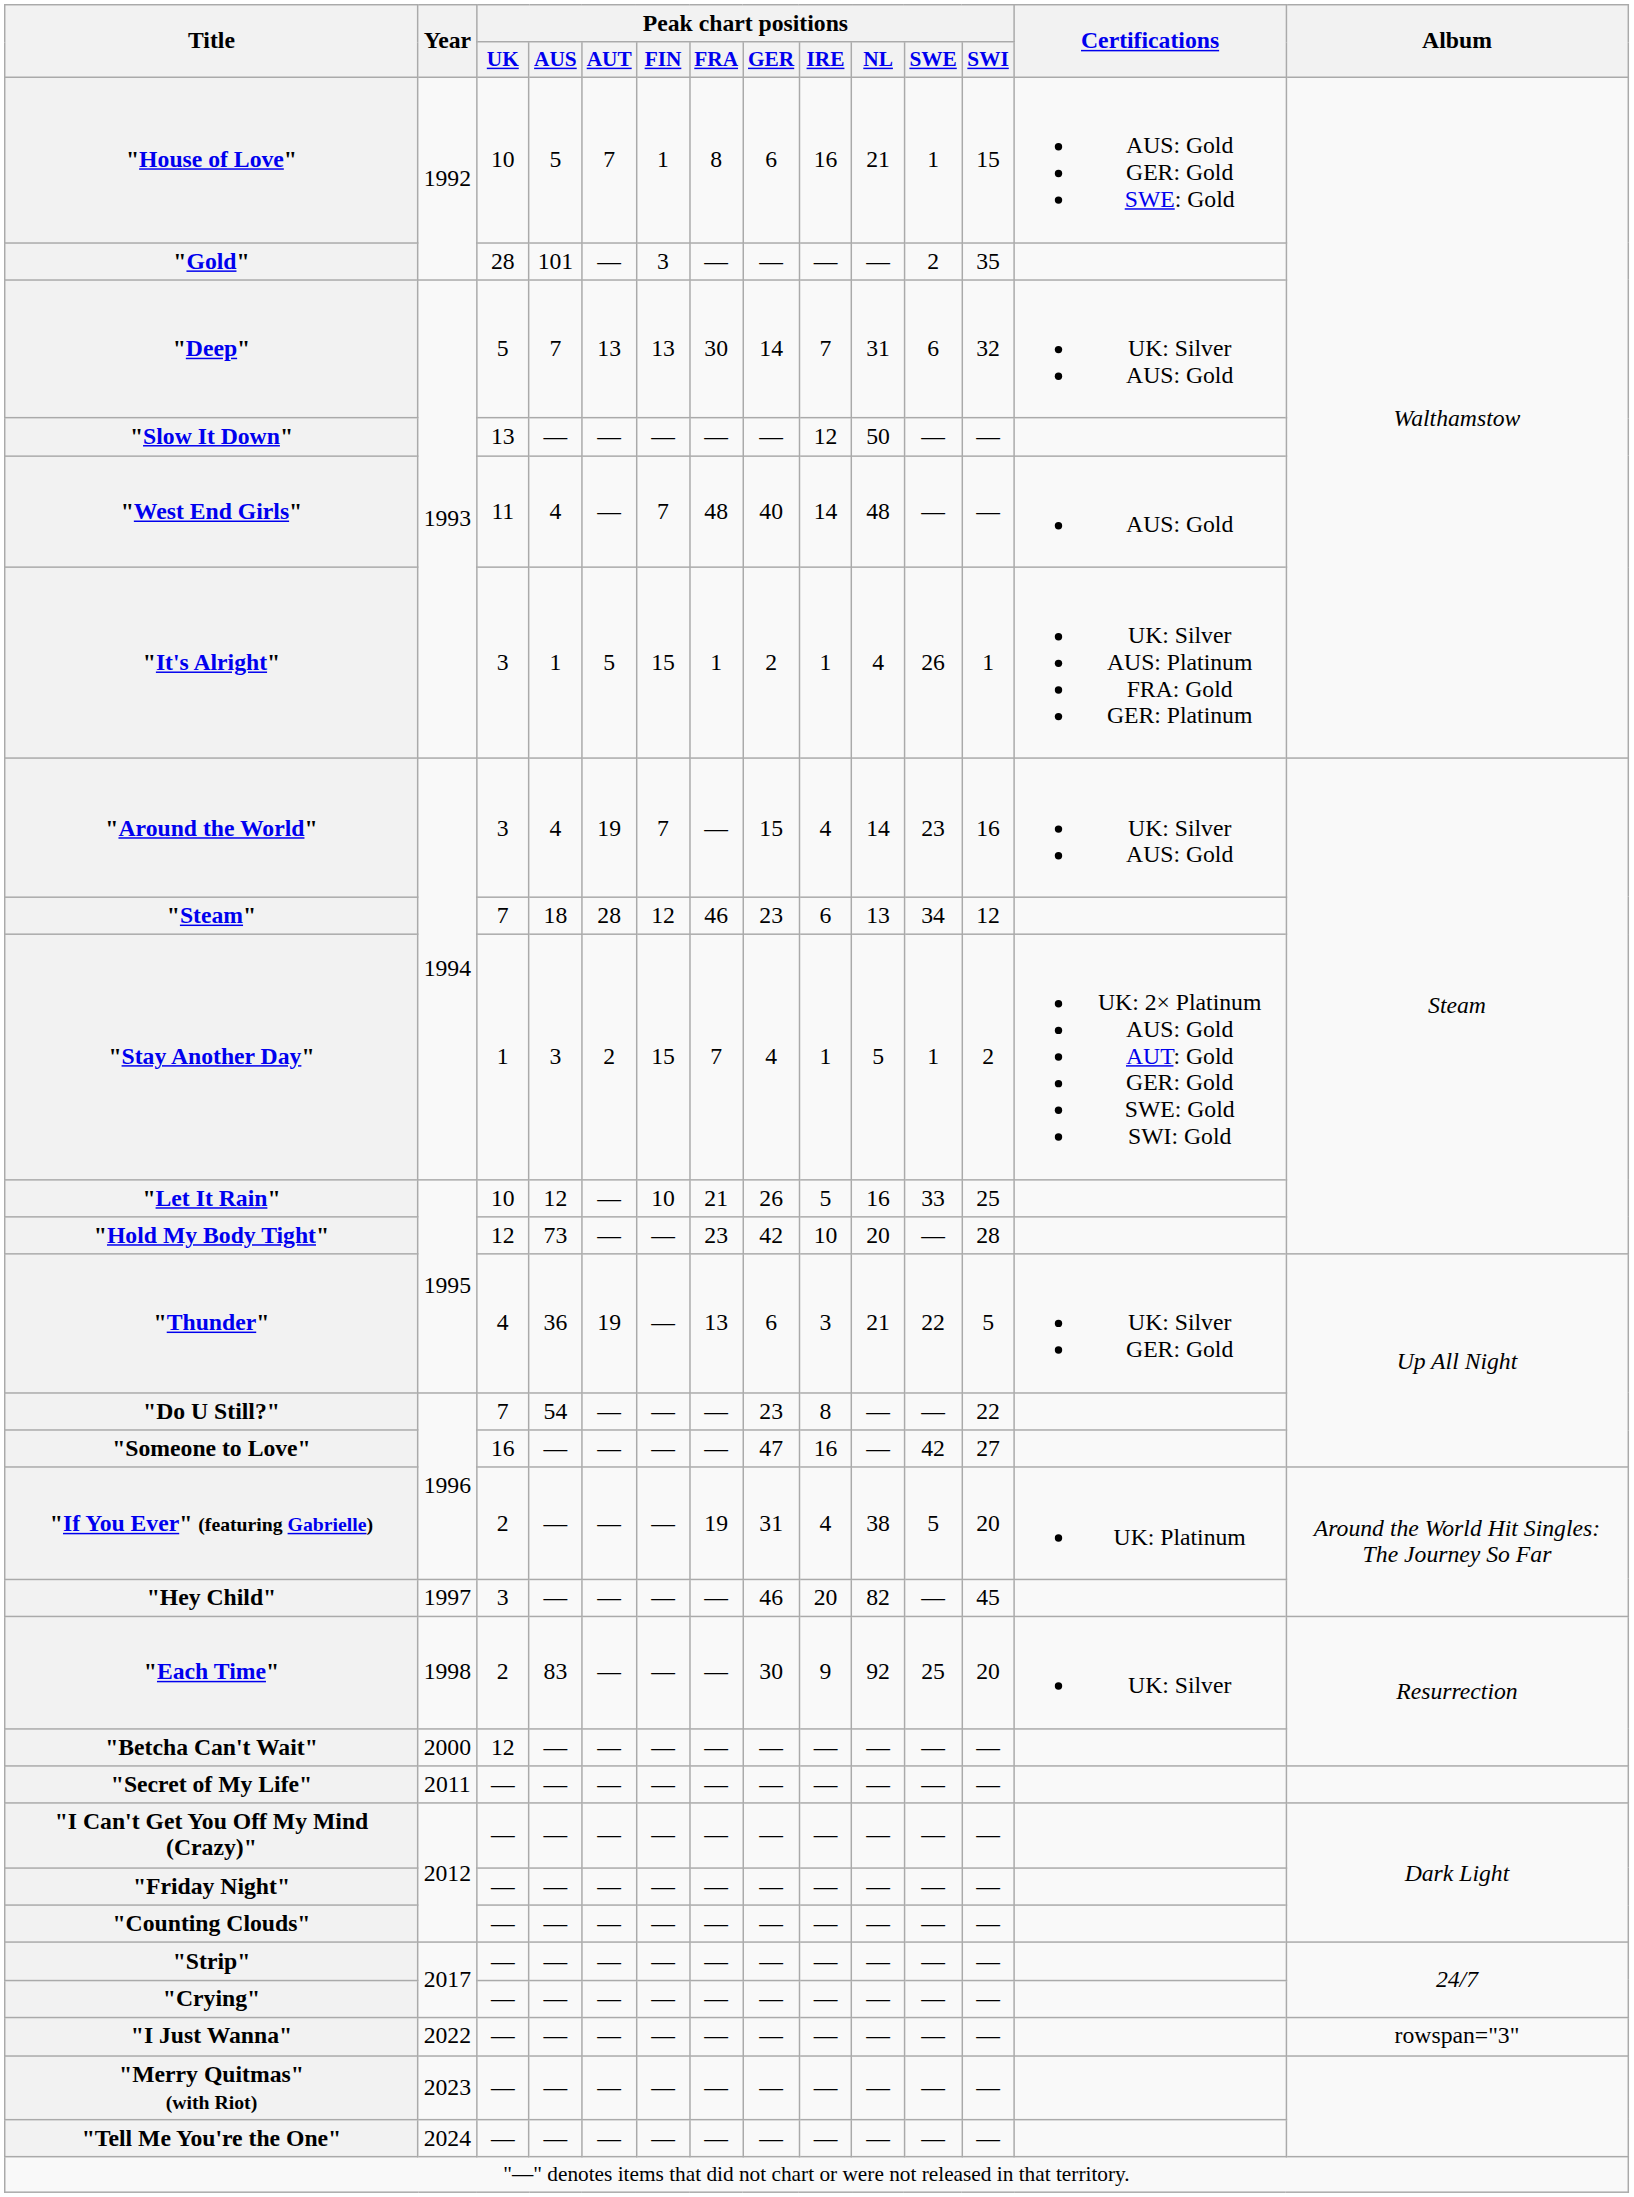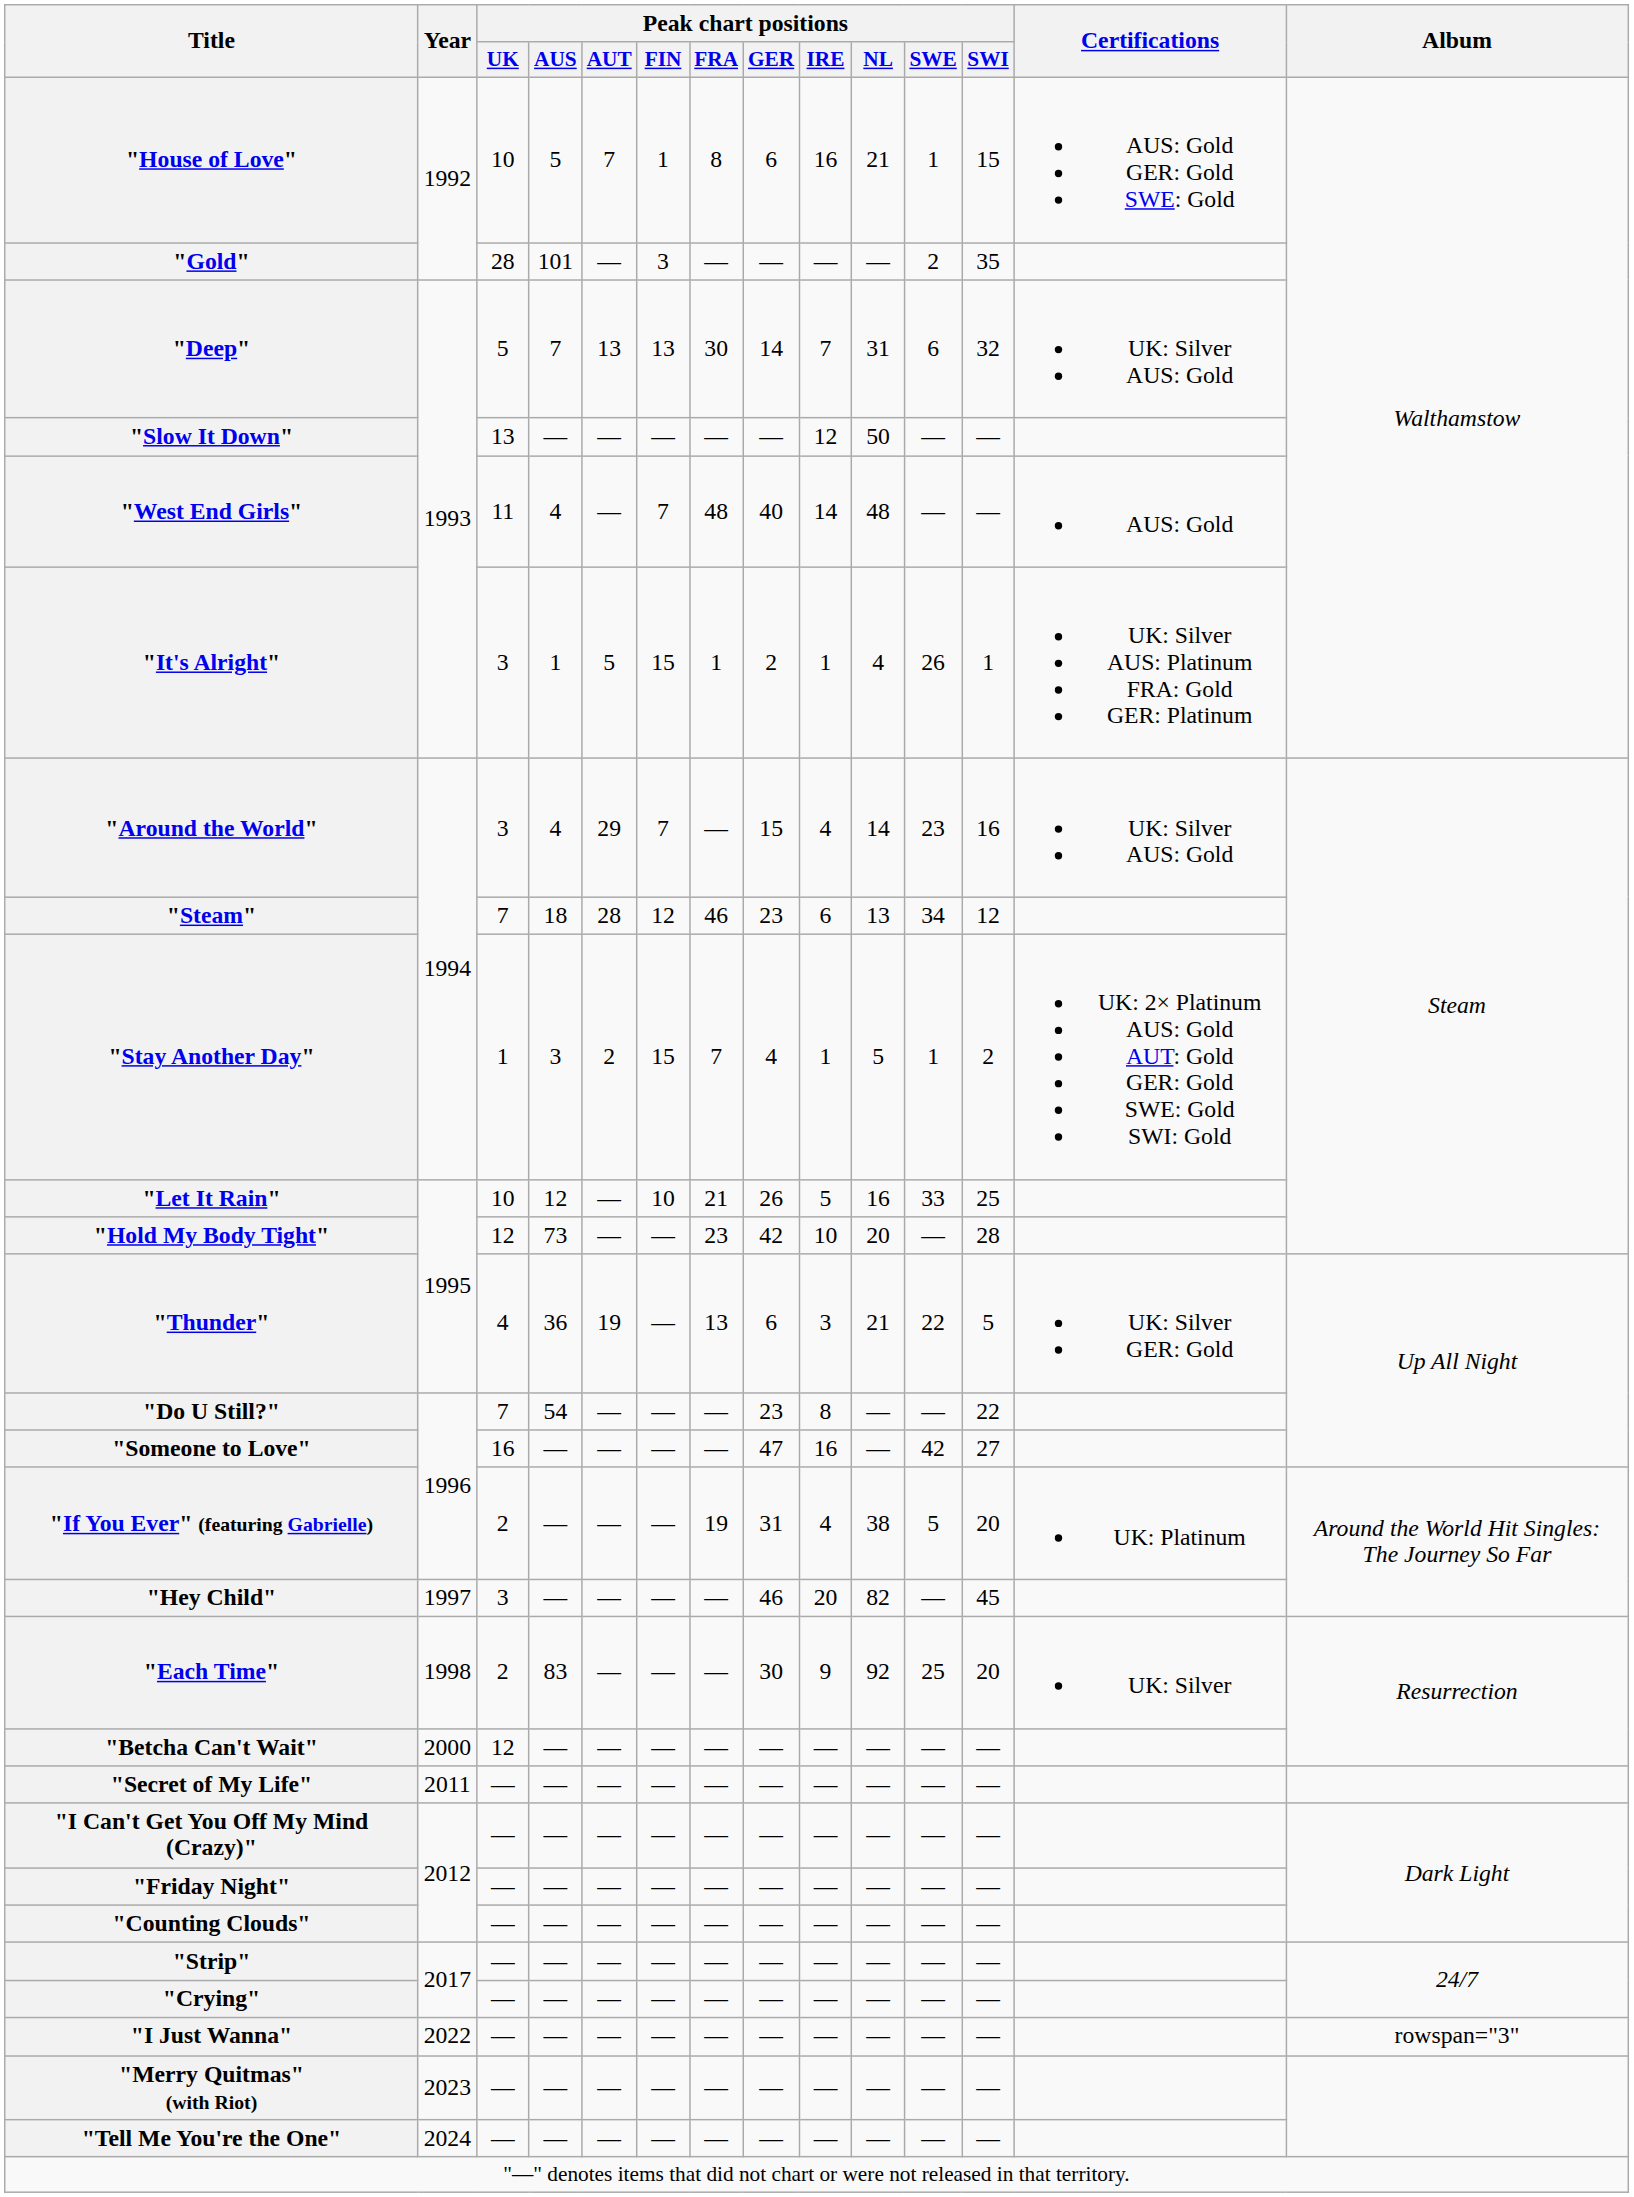 <table class="wikitable plainrowheaders" style="text-align:center;">
 <tr>
 <th scope="col" rowspan="2" style="width:17em;">Title</th>
 <th scope="col" rowspan="2" style="width:2em;">Year</th>
 <th scope="col" colspan="10">Peak chart positions</th>
 <th scope="col" rowspan="2" style="width:11em;"><a href='#'>Certifications</a></th>
 <th scope="col" rowspan="2" style="width:14em;">Album</th>
 </tr>
 <tr>
 <th scope="col" style="width:2em;font-size:90%;"><a href='#'>UK</a><br></th>
 <th scope="col" style="width:2em;font-size:90%;"><a href='#'>AUS</a><br></th>
 <th scope="col" style="width:2em;font-size:90%;"><a href='#'>AUT</a><br></th>
 <th scope="col" style="width:2em;font-size:90%;"><a href='#'>FIN</a><br></th>
 <th scope="col" style="width:2em;font-size:90%;"><a href='#'>FRA</a><br></th>
 <th scope="col" style="width:2em;font-size:90%;"><a href='#'>GER</a><br></th>
 <th scope="col" style="width:2em;font-size:90%;"><a href='#'>IRE</a><br></th>
 <th scope="col" style="width:2em;font-size:90%;"><a href='#'>NL</a><br></th>
 <th scope="col" style="width:2em;font-size:90%;"><a href='#'>SWE</a><br></th>
 <th scope="col" style="width:2em;font-size:90%;"><a href='#'>SWI</a><br></th>
 </tr>
 <tr>
 <th scope="row">"<a href='#'>House of Love</a>"</th>
 <td rowspan="2">1992</td>
 <td>10</td>
 <td>5</td>
 <td>7</td>
 <td>1</td>
 <td>8</td>
 <td>6</td>
 <td>16</td>
 <td>21</td>
 <td>1</td>
 <td>15</td>
 <td><br><ul><li>AUS: Gold</li><li>GER: Gold</li><li><a href='#'>SWE</a>: Gold</li></ul></td>
 <td rowspan="6"><em>Walthamstow</em></td>
 </tr>
 <tr>
 <th scope="row">"<a href='#'>Gold</a>"</th>
 <td>28</td>
 <td>101</td>
 <td>—</td>
 <td>3</td>
 <td>—</td>
 <td>—</td>
 <td>—</td>
 <td>—</td>
 <td>2</td>
 <td>35</td>
 <td></td>
 </tr>
 <tr>
 <th scope="row">"<a href='#'>Deep</a>"</th>
 <td rowspan="4">1993</td>
 <td>5</td>
 <td>7</td>
 <td>13</td>
 <td>13</td>
 <td>30</td>
 <td>14</td>
 <td>7</td>
 <td>31</td>
 <td>6</td>
 <td>32</td>
 <td><br><ul><li>UK: Silver</li><li>AUS: Gold</li></ul></td>
 </tr>
 <tr>
 <th scope="row">"<a href='#'>Slow It Down</a>"</th>
 <td>13</td>
 <td>—</td>
 <td>—</td>
 <td>—</td>
 <td>—</td>
 <td>—</td>
 <td>12</td>
 <td>50</td>
 <td>—</td>
 <td>—</td>
 <td></td>
 </tr>
 <tr>
 <th scope="row">"<a href='#'>West End Girls</a>"</th>
 <td>11</td>
 <td>4</td>
 <td>—</td>
 <td>7</td>
 <td>48</td>
 <td>40</td>
 <td>14</td>
 <td>48</td>
 <td>—</td>
 <td>—</td>
 <td><br><ul><li>AUS: Gold</li></ul></td>
 </tr>
 <tr>
 <th scope="row">"<a href='#'>It's Alright</a>"</th>
 <td>3</td>
 <td>1</td>
 <td>5</td>
 <td>15</td>
 <td>1</td>
 <td>2</td>
 <td>1</td>
 <td>4</td>
 <td>26</td>
 <td>1</td>
 <td><br><ul><li>UK: Silver</li><li>AUS: Platinum</li><li>FRA: Gold</li><li>GER: Platinum</li></ul></td>
 </tr>
 <tr>
 <th scope="row">"<a href='#'>Around the World</a>"</th>
 <td rowspan="3">1994</td>
 <td>3</td>
 <td>4</td>
-<td>19</td>
+<td>29</td>
 <td>7</td>
 <td>—</td>
 <td>15</td>
 <td>4</td>
 <td>14</td>
 <td>23</td>
 <td>16</td>
 <td><br><ul><li>UK: Silver</li><li>AUS: Gold</li></ul></td>
 <td rowspan="5"><em>Steam</em></td>
 </tr>
 <tr>
 <th scope="row">"<a href='#'>Steam</a>"</th>
 <td>7</td>
 <td>18</td>
 <td>28</td>
 <td>12</td>
 <td>46</td>
 <td>23</td>
 <td>6</td>
 <td>13</td>
 <td>34</td>
 <td>12</td>
 <td></td>
 </tr>
 <tr>
 <th scope="row">"<a href='#'>Stay Another Day</a>"</th>
 <td>1</td>
 <td>3</td>
 <td>2</td>
 <td>15</td>
 <td>7</td>
 <td>4</td>
 <td>1</td>
 <td>5</td>
 <td>1</td>
 <td>2</td>
 <td><br><ul><li>UK: 2× Platinum</li><li>AUS: Gold</li><li><a href='#'>AUT</a>: Gold</li><li>GER: Gold</li><li>SWE: Gold</li><li>SWI: Gold</li></ul></td>
 </tr>
 <tr>
 <th scope="row">"<a href='#'>Let It Rain</a>"</th>
 <td rowspan="3">1995</td>
 <td>10</td>
 <td>12</td>
 <td>—</td>
 <td>10</td>
 <td>21</td>
 <td>26</td>
 <td>5</td>
 <td>16</td>
 <td>33</td>
 <td>25</td>
 <td></td>
 </tr>
 <tr>
 <th scope="row">"<a href='#'>Hold My Body Tight</a>"</th>
 <td>12</td>
 <td>73</td>
 <td>—</td>
 <td>—</td>
 <td>23</td>
 <td>42</td>
 <td>10</td>
 <td>20</td>
 <td>—</td>
 <td>28</td>
 <td></td>
 </tr>
 <tr>
 <th scope="row">"<a href='#'>Thunder</a>"</th>
 <td>4</td>
 <td>36</td>
 <td>19</td>
 <td>—</td>
 <td>13</td>
 <td>6</td>
 <td>3</td>
 <td>21</td>
 <td>22</td>
 <td>5</td>
 <td><br><ul><li>UK: Silver</li><li>GER: Gold</li></ul></td>
 <td rowspan="3"><em>Up All Night</em></td>
 </tr>
 <tr>
 <th scope="row">"Do U Still?"</th>
 <td rowspan="3">1996</td>
 <td>7</td>
 <td>54</td>
 <td>—</td>
 <td>—</td>
 <td>—</td>
 <td>23</td>
 <td>8</td>
 <td>—</td>
 <td>—</td>
 <td>22</td>
 <td></td>
 </tr>
 <tr>
 <th scope="row">"Someone to Love"</th>
 <td>16</td>
 <td>—</td>
 <td>—</td>
 <td>—</td>
 <td>—</td>
 <td>47</td>
 <td>16</td>
 <td>—</td>
 <td>42</td>
 <td>27</td>
 <td></td>
 </tr>
 <tr>
 <th scope="row">"<a href='#'>If You Ever</a>" <small>(featuring <a href='#'>Gabrielle</a>)</small></th>
 <td>2</td>
 <td>—</td>
 <td>—</td>
 <td>—</td>
 <td>19</td>
 <td>31</td>
 <td>4</td>
 <td>38</td>
 <td>5</td>
 <td>20</td>
 <td><br><ul><li>UK: Platinum</li></ul></td>
 <td rowspan="2"><em>Around the World Hit Singles:<br>The Journey So Far</em></td>
 </tr>
 <tr>
 <th scope="row">"Hey Child"</th>
 <td>1997</td>
 <td>3</td>
 <td>—</td>
 <td>—</td>
 <td>—</td>
 <td>—</td>
 <td>46</td>
 <td>20</td>
 <td>82</td>
 <td>—</td>
 <td>45</td>
 <td></td>
 </tr>
 <tr>
 <th scope="row">"<a href='#'>Each Time</a>"</th>
 <td>1998</td>
 <td>2</td>
 <td>83</td>
 <td>—</td>
 <td>—</td>
 <td>—</td>
 <td>30</td>
 <td>9</td>
 <td>92</td>
 <td>25</td>
 <td>20</td>
 <td><br><ul><li>UK: Silver</li></ul></td>
 <td rowspan="2"><em>Resurrection</em></td>
 </tr>
 <tr>
 <th scope="row">"Betcha Can't Wait"</th>
 <td>2000</td>
 <td>12</td>
 <td>—</td>
 <td>—</td>
 <td>—</td>
 <td>—</td>
 <td>—</td>
 <td>—</td>
 <td>—</td>
 <td>—</td>
 <td>—</td>
 <td></td>
 </tr>
 <tr>
 <th scope="row">"Secret of My Life"</th>
 <td>2011</td>
 <td>—</td>
 <td>—</td>
 <td>—</td>
 <td>—</td>
 <td>—</td>
 <td>—</td>
 <td>—</td>
 <td>—</td>
 <td>—</td>
 <td>—</td>
 <td></td>
 <td></td>
 </tr>
 <tr>
 <th scope="row">"I Can't Get You Off My Mind (Crazy)"</th>
 <td rowspan="3">2012</td>
 <td>—</td>
 <td>—</td>
 <td>—</td>
 <td>—</td>
 <td>—</td>
 <td>—</td>
 <td>—</td>
 <td>—</td>
 <td>—</td>
 <td>—</td>
 <td></td>
 <td rowspan="3"><em>Dark Light</em></td>
 </tr>
 <tr>
 <th scope="row">"Friday Night"</th>
 <td>—</td>
 <td>—</td>
 <td>—</td>
 <td>—</td>
 <td>—</td>
 <td>—</td>
 <td>—</td>
 <td>—</td>
 <td>—</td>
 <td>—</td>
 <td></td>
 </tr>
 <tr>
 <th scope="row">"Counting Clouds"</th>
 <td>—</td>
 <td>—</td>
 <td>—</td>
 <td>—</td>
 <td>—</td>
 <td>—</td>
 <td>—</td>
 <td>—</td>
 <td>—</td>
 <td>—</td>
 <td></td>
 </tr>
 <tr>
 <th scope="row">"Strip"</th>
 <td rowspan="2">2017</td>
 <td>—</td>
 <td>—</td>
 <td>—</td>
 <td>—</td>
 <td>—</td>
 <td>—</td>
 <td>—</td>
 <td>—</td>
 <td>—</td>
 <td>—</td>
 <td></td>
 <td rowspan="2"><em>24/7</em></td>
 </tr>
 <tr>
 <th scope="row">"Crying"</th>
 <td>—</td>
 <td>—</td>
 <td>—</td>
 <td>—</td>
 <td>—</td>
 <td>—</td>
 <td>—</td>
 <td>—</td>
 <td>—</td>
 <td>—</td>
 <td></td>
 </tr>
 <tr>
 <th scope="row">"I Just Wanna"</th>
 <td>2022</td>
 <td>—</td>
 <td>—</td>
 <td>—</td>
 <td>—</td>
 <td>—</td>
 <td>—</td>
 <td>—</td>
 <td>—</td>
 <td>—</td>
 <td>—</td>
 <td></td>
 <td>rowspan="3" </td>
 </tr>
 <tr>
 <th scope="row">"Merry Quitmas"<br><small>(with Riot)<br></small></th>
 <td>2023</td>
 <td>—</td>
 <td>—</td>
 <td>—</td>
 <td>—</td>
 <td>—</td>
 <td>—</td>
 <td>—</td>
 <td>—</td>
 <td>—</td>
 <td>—</td>
 <td></td>
 </tr>
 <tr>
 <th scope="row">"Tell Me You're the One"</th>
 <td>2024</td>
 <td>—</td>
 <td>—</td>
 <td>—</td>
 <td>—</td>
 <td>—</td>
 <td>—</td>
 <td>—</td>
 <td>—</td>
 <td>—</td>
 <td>—</td>
 <td></td>
 </tr>
 <tr>
 <td colspan="15" style="font-size:90%">"—" denotes items that did not chart or were not released in that territory.</td>
 </tr>
 </table>
